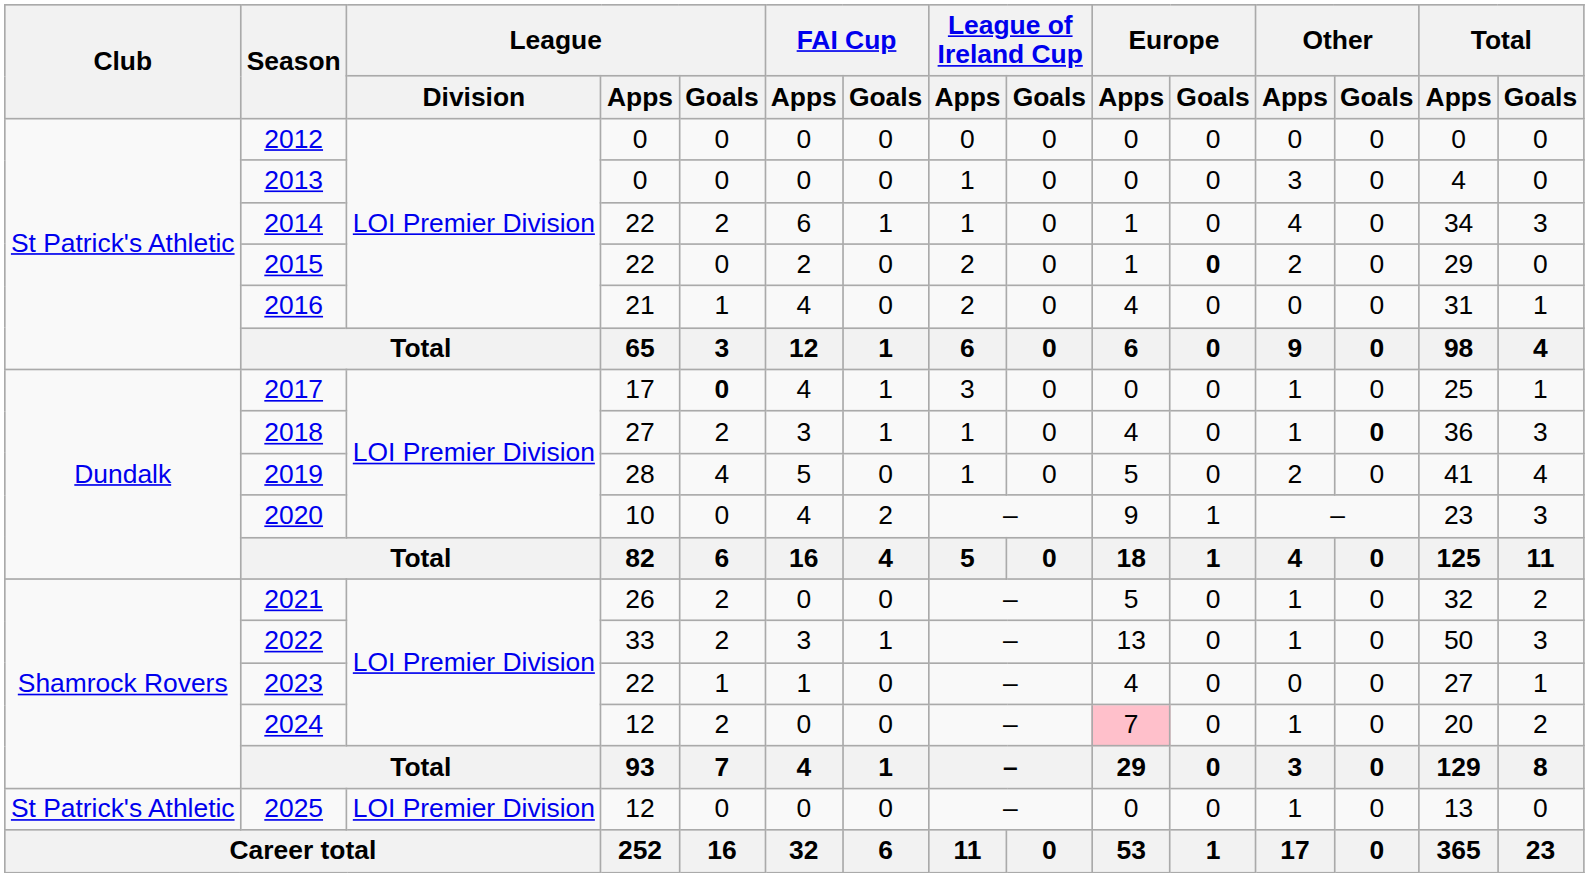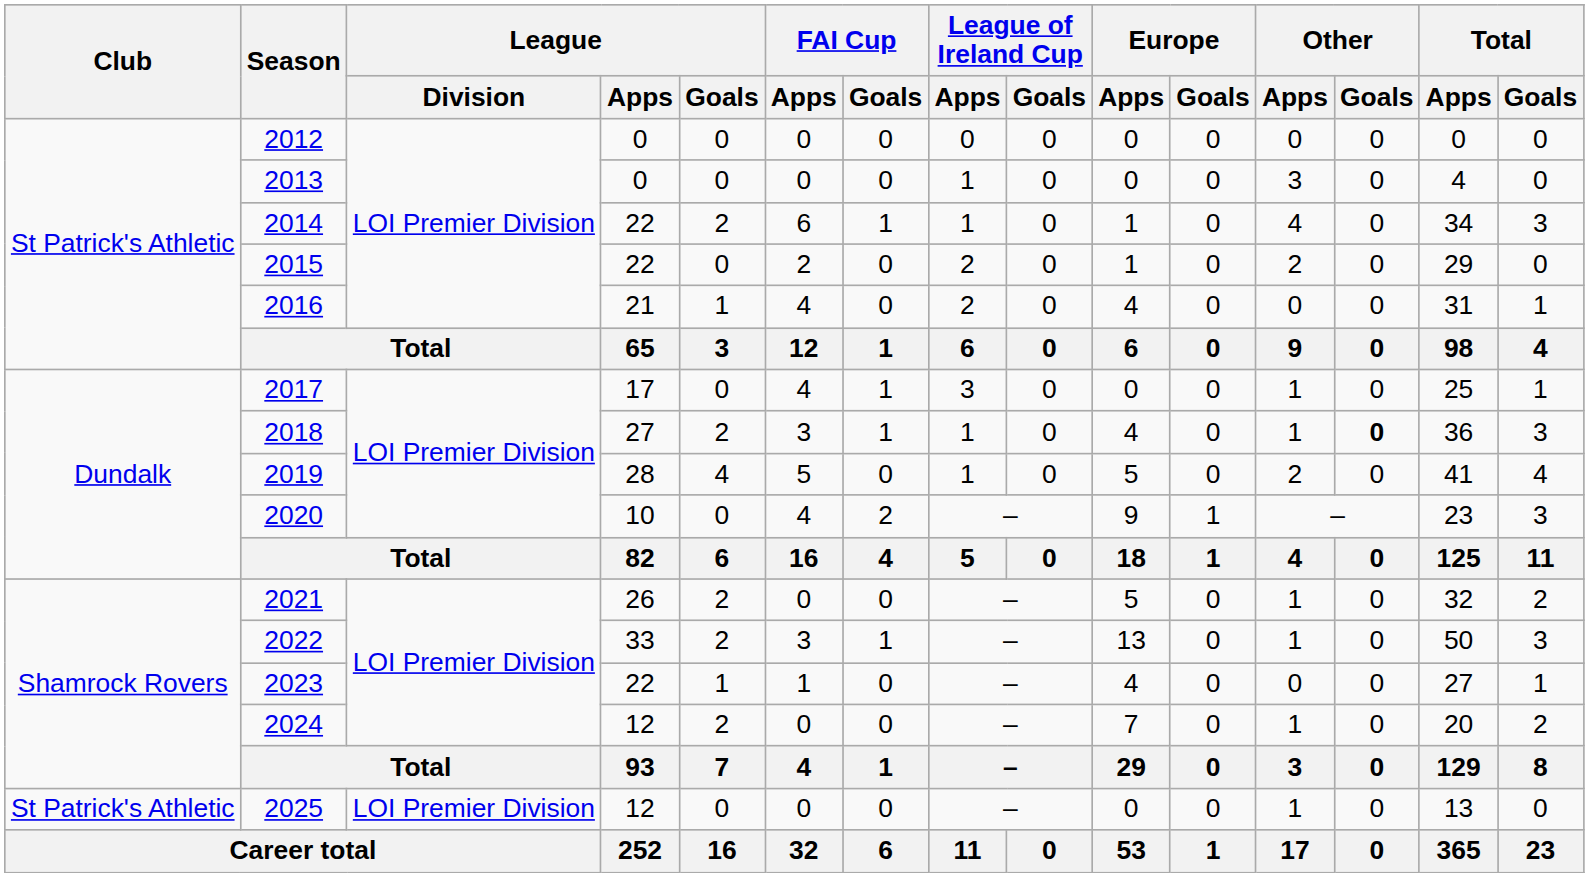 <table class="wikitable" style="text-align:center">
 <tr>
 <th rowspan="2">Club</th>
 <th rowspan="2">Season</th>
 <th colspan="3">League</th>
 <th colspan="2"><a href='#'>FAI Cup</a></th>
 <th colspan="2"><a href='#'>League of Ireland Cup</a></th>
 <th colspan="2">Europe</th>
 <th colspan="2">Other</th>
 <th colspan="2">Total</th>
 </tr>
 <tr>
 <th>Division</th>
 <th width="40">Apps</th>
 <th width="40">Goals</th>
 <th width="40">Apps</th>
 <th width="40">Goals</th>
 <th width="40">Apps</th>
 <th width="40">Goals</th>
 <th width="40">Apps</th>
 <th width="40">Goals</th>
 <th width="40">Apps</th>
 <th width="40">Goals</th>
 <th width="40">Apps</th>
 <th width="40">Goals</th>
 </tr>
 <tr>
 <td rowspan="6"><a href='#'>St Patrick's Athletic</a></td>
 <td><a href='#'>2012</a></td>
 <td rowspan="5"><a href='#'>LOI Premier Division</a></td>
 <td>0</td>
 <td>0</td>
 <td>0</td>
 <td>0</td>
 <td>0</td>
 <td>0</td>
 <td>0</td>
 <td>0</td>
 <td>0</td>
 <td>0</td>
 <td>0</td>
 <td>0</td>
 </tr>
 <tr>
 <td><a href='#'>2013</a></td>
 <td>0</td>
 <td>0</td>
 <td>0</td>
 <td>0</td>
 <td>1</td>
 <td>0</td>
 <td>0</td>
 <td>0</td>
 <td>3</td>
 <td>0</td>
 <td>4</td>
 <td>0</td>
 </tr>
 <tr>
 <td><a href='#'>2014</a></td>
 <td>22</td>
 <td>2</td>
 <td>6</td>
 <td>1</td>
 <td>1</td>
 <td>0</td>
 <td>1</td>
 <td>0</td>
 <td>4</td>
 <td>0</td>
 <td>34</td>
 <td>3</td>
 </tr>
 <tr>
 <td><a href='#'>2015</a></td>
 <td>22</td>
 <td>0</td>
 <td>2</td>
 <td>0</td>
 <td>2</td>
 <td>0</td>
 <td>1</td>
-<td><strong>0</strong></td>
+<td>0</td>
 <td>2</td>
 <td>0</td>
 <td>29</td>
 <td>0</td>
 </tr>
 <tr>
 <td><a href='#'>2016</a></td>
 <td>21</td>
 <td>1</td>
 <td>4</td>
 <td>0</td>
 <td>2</td>
 <td>0</td>
 <td>4</td>
 <td>0</td>
 <td>0</td>
 <td>0</td>
 <td>31</td>
 <td>1</td>
 </tr>
 <tr>
 <th colspan="2">Total</th>
 <th>65</th>
 <th>3</th>
 <th>12</th>
 <th>1</th>
 <th>6</th>
 <th>0</th>
 <th>6</th>
 <th>0</th>
 <th>9</th>
 <th>0</th>
 <th>98</th>
 <th>4</th>
 </tr>
 <tr>
 <td rowspan="5"><a href='#'>Dundalk</a></td>
 <td><a href='#'>2017</a></td>
 <td rowspan="4"><a href='#'>LOI Premier Division</a></td>
 <td>17</td>
-<td><strong>0</strong></td>
+<td>0</td>
 <td>4</td>
 <td>1</td>
 <td>3</td>
 <td>0</td>
 <td>0</td>
 <td>0</td>
 <td>1</td>
 <td>0</td>
 <td>25</td>
 <td>1</td>
 </tr>
 <tr>
 <td><a href='#'>2018</a></td>
 <td>27</td>
 <td>2</td>
 <td>3</td>
 <td>1</td>
 <td>1</td>
 <td>0</td>
 <td>4</td>
 <td>0</td>
 <td>1</td>
 <td><strong>0</strong></td>
 <td>36</td>
 <td>3</td>
 </tr>
 <tr>
 <td><a href='#'>2019</a></td>
 <td>28</td>
 <td>4</td>
 <td>5</td>
 <td>0</td>
 <td>1</td>
 <td>0</td>
 <td>5</td>
 <td>0</td>
 <td>2</td>
 <td>0</td>
 <td>41</td>
 <td>4</td>
 </tr>
 <tr>
 <td><a href='#'>2020</a></td>
 <td>10</td>
 <td>0</td>
 <td>4</td>
 <td>2</td>
 <td colspan="2">–</td>
 <td>9</td>
 <td>1</td>
 <td colspan="2">–</td>
 <td>23</td>
 <td>3</td>
 </tr>
 <tr>
 <th colspan="2">Total</th>
 <th>82</th>
 <th>6</th>
 <th>16</th>
 <th>4</th>
 <th>5</th>
 <th>0</th>
 <th>18</th>
 <th>1</th>
 <th>4</th>
 <th>0</th>
 <th>125</th>
 <th>11</th>
 </tr>
 <tr>
 <td rowspan="5"><a href='#'>Shamrock Rovers</a></td>
 <td><a href='#'>2021</a></td>
 <td rowspan="4"><a href='#'>LOI Premier Division</a></td>
 <td>26</td>
 <td>2</td>
 <td>0</td>
 <td>0</td>
 <td colspan="2">–</td>
 <td>5</td>
 <td>0</td>
 <td>1</td>
 <td>0</td>
 <td>32</td>
 <td>2</td>
 </tr>
 <tr>
 <td><a href='#'>2022</a></td>
 <td>33</td>
 <td>2</td>
 <td>3</td>
 <td>1</td>
 <td colspan="2">–</td>
 <td>13</td>
 <td>0</td>
 <td>1</td>
 <td>0</td>
 <td>50</td>
 <td>3</td>
 </tr>
 <tr>
 <td><a href='#'>2023</a></td>
 <td>22</td>
 <td>1</td>
 <td>1</td>
 <td>0</td>
 <td colspan="2">–</td>
 <td>4</td>
 <td>0</td>
 <td>0</td>
 <td>0</td>
 <td>27</td>
 <td>1</td>
 </tr>
 <tr>
 <td><a href='#'>2024</a></td>
 <td>12</td>
 <td>2</td>
 <td>0</td>
 <td>0</td>
 <td colspan="2">–</td>
-<td style="background: pink;">7</td>
+<td>7</td>
 <td>0</td>
 <td>1</td>
 <td>0</td>
 <td>20</td>
 <td>2</td>
 </tr>
 <tr>
 <th colspan="2">Total</th>
 <th>93</th>
 <th>7</th>
 <th>4</th>
 <th>1</th>
 <th colspan="2">–</th>
 <th>29</th>
 <th>0</th>
 <th>3</th>
 <th>0</th>
 <th>129</th>
 <th>8</th>
 </tr>
 <tr>
 <td><a href='#'>St Patrick's Athletic</a></td>
 <td><a href='#'>2025</a></td>
 <td><a href='#'>LOI Premier Division</a></td>
 <td>12</td>
 <td>0</td>
 <td>0</td>
 <td>0</td>
 <td colspan="2">–</td>
 <td>0</td>
 <td>0</td>
 <td>1</td>
 <td>0</td>
 <td>13</td>
 <td>0</td>
 </tr>
 <tr>
 <th colspan="3">Career total</th>
 <th>252</th>
 <th>16</th>
 <th>32</th>
 <th>6</th>
 <th>11</th>
 <th>0</th>
 <th>53</th>
 <th>1</th>
 <th>17</th>
 <th>0</th>
 <th>365</th>
 <th>23</th>
 </tr>
 </table>
